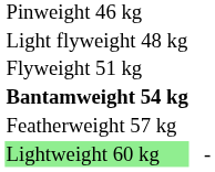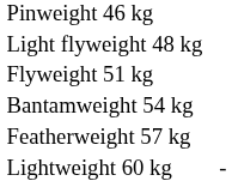 <table>
 <tr>
 <td rowspan=2>Pinweight 46 kg</td>
 <td rowspan=2></td>
 <td rowspan=2></td>
 <td></td>
 </tr>
 <tr>
 <td></td>
 </tr>
 <tr>
 <td rowspan=2>Light flyweight 48 kg</td>
 <td rowspan=2></td>
 <td rowspan=2></td>
 <td></td>
 </tr>
 <tr>
 <td></td>
 </tr>
 <tr>
 <td rowspan=2>Flyweight 51 kg</td>
 <td rowspan=2></td>
 <td rowspan=2></td>
 <td></td>
 </tr>
 <tr>
 <td></td>
 </tr>
 <tr>
-<td><strong>Bantamweight 54 kg</strong></td>
+<td>Bantamweight 54 kg</td>
 <td></td>
 <td></td>
 <td></td>
 </tr>
 <tr>
 <td rowspan=2>Featherweight 57 kg</td>
 <td rowspan=2></td>
 <td rowspan=2></td>
 <td></td>
 </tr>
 <tr>
 <td></td>
 </tr>
 <tr>
-<td style="background: lightgreen;">Lightweight 60 kg</td>
+<td>Lightweight 60 kg</td>
 <td></td>
 <td></td>
 <td>-</td>
 </tr>
 </table>
